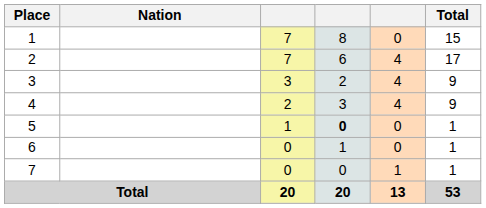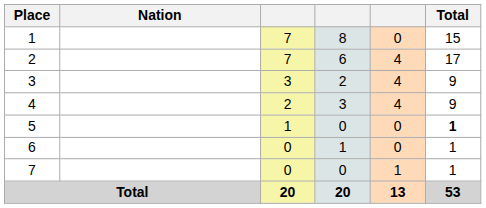 <table class=wikitable style="border:1px solid #AAAAAA;font-size:90%">
 <tr bgcolor="#EFEFEF">
 <th width=50>Place</th>
 <th width=200>Nation</th>
 <th width=50></th>
 <th width=50></th>
 <th width=50></th>
 <th width=50>Total</th>
 </tr>
 <tr align="center" valign="top" bgcolor="#FFFFFF">
 <td>1</td>
 <td align="left"></td>
 <td style="background:#F7F6A8;">7</td>
 <td style="background:#DCE5E5;">8</td>
 <td style="background:#FFDAB9;">0</td>
 <td>15</td>
 </tr>
 <tr align="center" valign="top" bgcolor="#FFFFFF">
 <td>2</td>
 <td align="left"></td>
 <td style="background:#F7F6A8;">7</td>
 <td style="background:#DCE5E5;">6</td>
 <td style="background:#FFDAB9;">4</td>
 <td>17</td>
 </tr>
 <tr align="center" valign="top" bgcolor="#FFFFFF">
 <td>3</td>
 <td align="left"></td>
 <td style="background:#F7F6A8;">3</td>
 <td style="background:#DCE5E5;">2</td>
 <td style="background:#FFDAB9;">4</td>
 <td>9</td>
 </tr>
 <tr align="center" valign="top" bgcolor="#FFFFFF">
 <td>4</td>
 <td align="left"></td>
 <td style="background:#F7F6A8;">2</td>
 <td style="background:#DCE5E5;">3</td>
 <td style="background:#FFDAB9;">4</td>
 <td>9</td>
 </tr>
 <tr align="center" valign="top" bgcolor="#FFFFFF">
 <td>5</td>
 <td align="left"></td>
 <td style="background:#F7F6A8;">1</td>
-<td style="background:#DCE5E5;"><strong>0</strong></td>
+<td style="background:#DCE5E5;">0</td>
 <td style="background:#FFDAB9;">0</td>
-<td>1</td>
+<td><strong>1</strong></td>
 </tr>
 <tr align="center" valign="top" bgcolor="#FFFFFF">
 <td>6</td>
 <td align="left"></td>
 <td style="background:#F7F6A8;">0</td>
 <td style="background:#DCE5E5;">1</td>
 <td style="background:#FFDAB9;">0</td>
 <td>1</td>
 </tr>
 <tr align="center" valign="top" bgcolor="#FFFFFF">
 <td>7</td>
 <td align="left"></td>
 <td style="background:#F7F6A8;">0</td>
 <td style="background:#DCE5E5;">0</td>
 <td style="background:#FFDAB9;">1</td>
 <td>1</td>
 </tr>
 <tr align="center">
 <td colspan="2" bgcolor=D3D3D3><strong>Total</strong></td>
 <td style="background:#F7F6A8;"><strong>20</strong></td>
 <td style="background:#DCE5E5;"><strong>20</strong></td>
 <td style="background:#FFDAB9;"><strong>13</strong></td>
 <td bgcolor=D3D3D3><strong>53</strong></td>
 </tr>
 </table>
